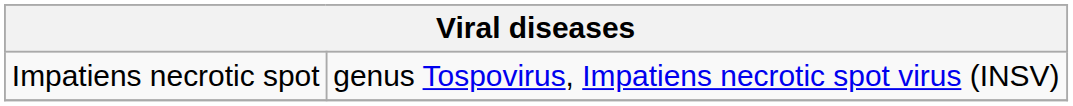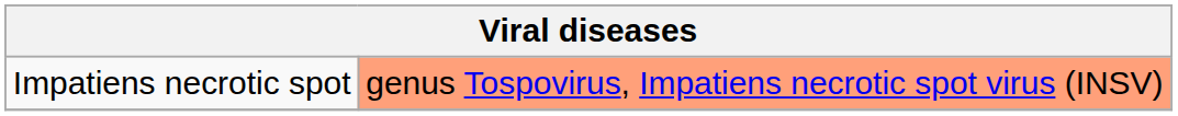 <table class="wikitable" style="clear">
 <tr>
 <th colspan=2><strong>Viral diseases</strong><br></th>
 </tr>
 <tr>
 <td>Impatiens necrotic spot</td>
-<td>genus <a href='#'>Tospovirus</a>, <a href='#'>Impatiens necrotic spot virus</a> (INSV)</td>
+<td style="background: lightsalmon;">genus <a href='#'>Tospovirus</a>, <a href='#'>Impatiens necrotic spot virus</a> (INSV)</td>
 </tr>
 <tr>
 </tr>
 </table>
